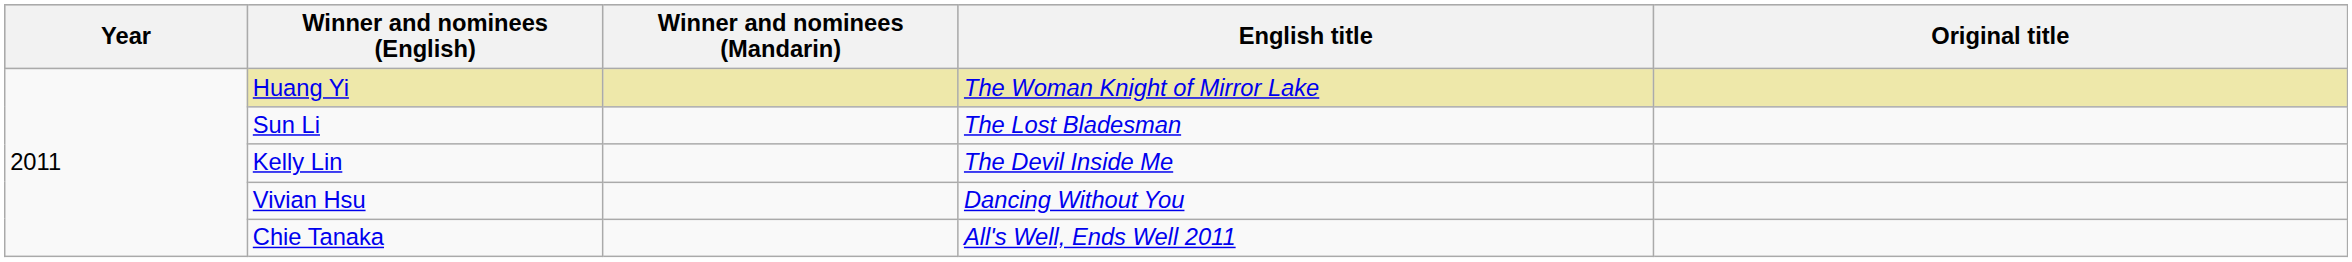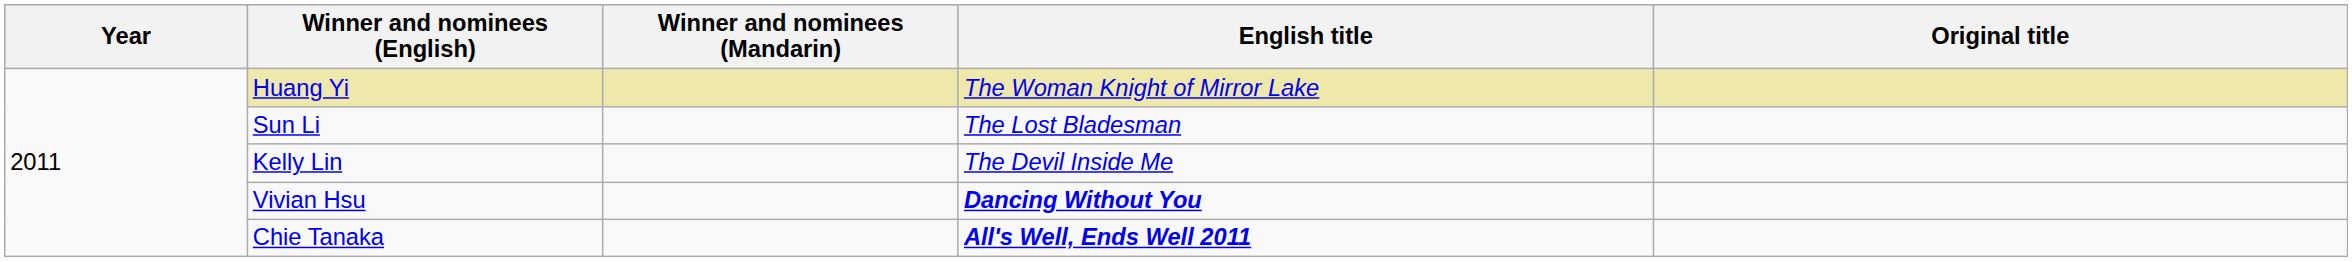 <table class="wikitable" style="width:100%;">
 <tr style="background:#bebebe">
 <th width="100"><strong>Year</strong></th>
 <th width="150"><strong>Winner and nominees<br>(English)</strong></th>
 <th width="150"><strong>Winner and nominees<br>(Mandarin)</strong></th>
 <th width="300"><strong>English title</strong></th>
 <th width="300"><strong>Original title</strong></th>
 </tr>
 <tr>
 <td rowspan="5">2011</td>
 <td style="background:#EEE8AA;"><a href='#'>Huang Yi</a></td>
 <td style="background:#EEE8AA;"></td>
 <td style="background:#EEE8AA;"><em><a href='#'>The Woman Knight of Mirror Lake</a></em></td>
 <td style="background:#EEE8AA;"></td>
 </tr>
 <tr>
 <td><a href='#'>Sun Li</a></td>
 <td></td>
 <td><em><a href='#'>The Lost Bladesman</a></em></td>
 <td></td>
 </tr>
 <tr>
 <td><a href='#'>Kelly Lin</a></td>
 <td></td>
 <td><em><a href='#'>The Devil Inside Me</a></em></td>
 <td></td>
 </tr>
 <tr>
 <td><a href='#'>Vivian Hsu</a></td>
 <td></td>
-<td><em><a href='#'>Dancing Without You</a></em></td>
+<td><strong><em><a href='#'>Dancing Without You</a></em></strong></td>
 <td></td>
 </tr>
 <tr>
 <td><a href='#'>Chie Tanaka</a></td>
 <td></td>
-<td><em><a href='#'>All's Well, Ends Well 2011</a></em></td>
+<td><strong><em><a href='#'>All's Well, Ends Well 2011</a></em></strong></td>
 <td></td>
 </tr>
 </table>
